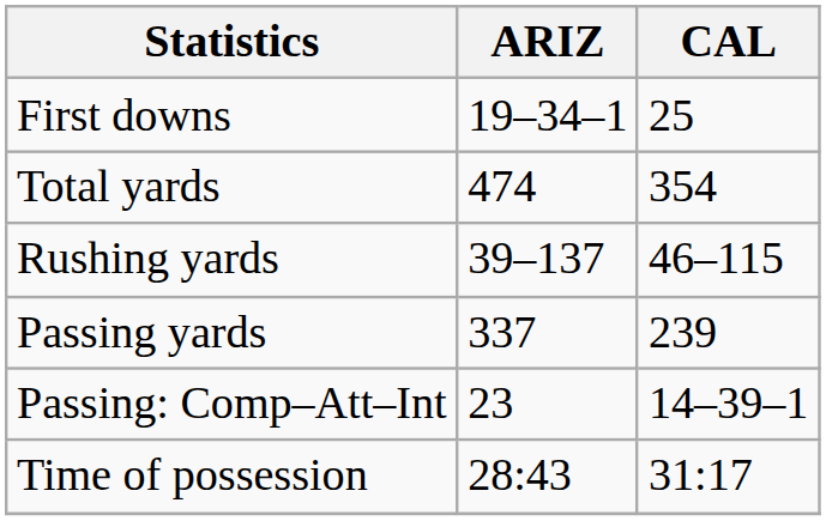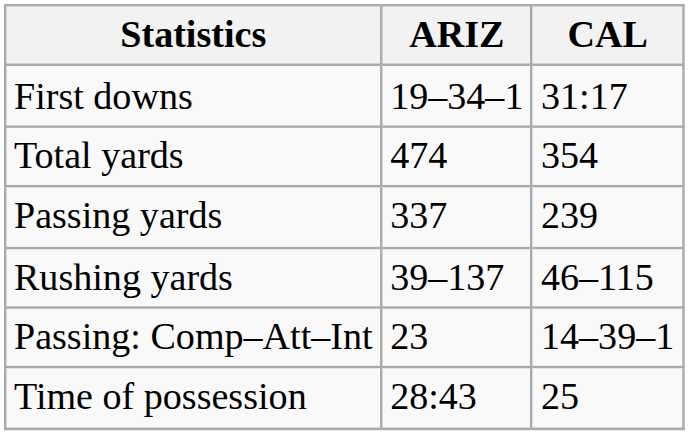 <table class="wikitable" style="float: left;">
 <tr>
 <th>Statistics</th>
 <th>ARIZ</th>
 <th>CAL</th>
 </tr>
 <tr>
 <td>First downs</td>
 <td>19–34–1</td>
-<td>25</td>
+<td>31:17</td>
 </tr>
 <tr>
 <td>Total yards</td>
 <td>474</td>
 <td>354</td>
 </tr>
 <tr>
+<td>Passing yards</td>
+<td>337</td>
+<td>239</td>
+</tr>
+<tr>
 <td>Rushing yards</td>
 <td>39–137</td>
 <td>46–115</td>
-</tr>
-<tr>
-<td>Passing yards</td>
-<td>337</td>
-<td>239</td>
 </tr>
 <tr>
 <td>Passing: Comp–Att–Int</td>
 <td>23</td>
 <td>14–39–1</td>
 </tr>
 <tr>
 <td>Time of possession</td>
 <td>28:43</td>
-<td>31:17</td>
+<td>25</td>
 </tr>
 <tr>
 </tr>
 </table>
